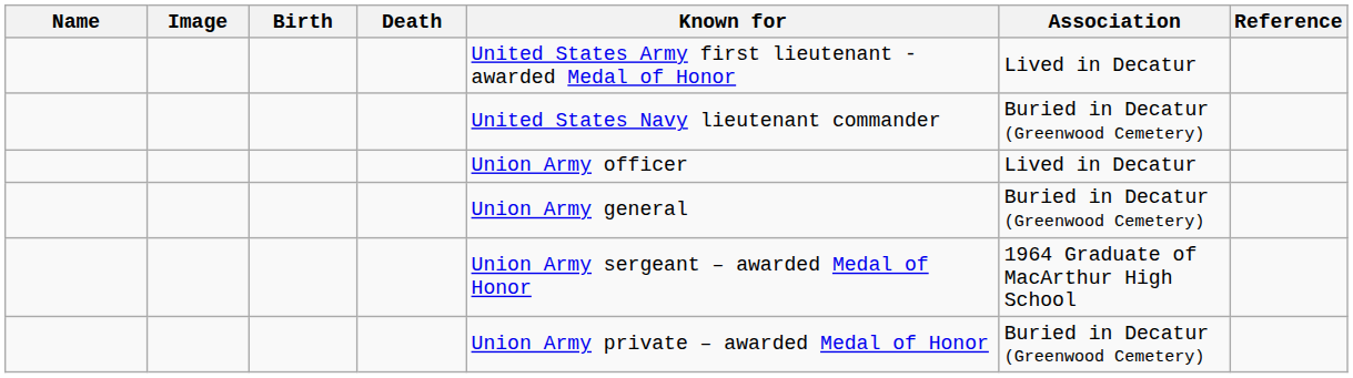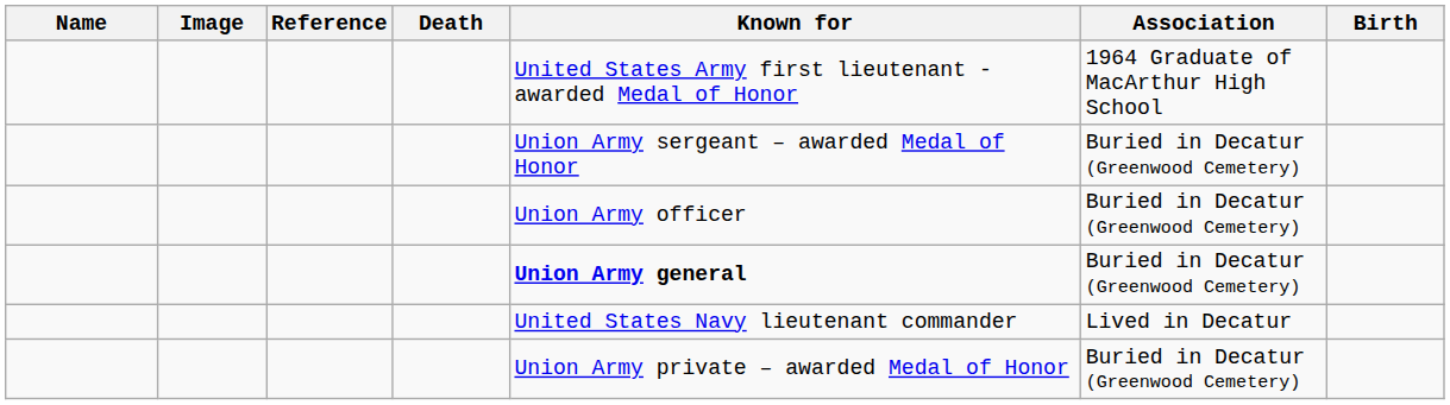 <table class="wikitable sortable">
 <tr>
 <th scope="col" style="width:140px;">Name</th>
 <th scope="col" style="width:80px;" class="unsortable">Image</th>
-<th scope="col" style="width:90px;">Birth</th>
+<th scope="col" style="width:30px;" class="unsortable">Reference</th>
 <th scope="col" style="width:90px;">Death</th>
 <th scope="col" style="width:600px;" class="unsortable">Known for</th>
 <th scope="col" style="width:200px;" class="unsortable">Association</th>
-<th scope="col" style="width:30px;" class="unsortable">Reference</th>
+<th scope="col" style="width:90px;">Birth</th>
 </tr>
 <tr>
 <td></td>
 <td></td>
-<td align=right></td>
+<td style="text-align:center;"></td>
 <td align=right></td>
 <td><a href='#'>United States Army</a> first lieutenant - awarded <a href='#'>Medal of Honor</a></td>
-<td>Lived in Decatur</td>
-<td style="text-align:center;"></td>
+<td>1964 Graduate of MacArthur High School</td>
+<td align=right></td>
 </tr>
 <tr>
 <td></td>
 <td></td>
+<td style="text-align:center;"></td>
 <td align=right></td>
+<td><a href='#'>Union Army</a> sergeant – awarded <a href='#'>Medal of Honor</a></td>
+<td>Buried in Decatur <small>(Greenwood Cemetery)</small></td>
 <td align=right></td>
-<td><a href='#'>United States Navy</a> lieutenant commander</td>
-<td>Buried in Decatur <small>(Greenwood Cemetery)</small></td>
-<td style="text-align:center;"></td>
 </tr>
 <tr>
 <td></td>
 <td></td>
-<td align=right></td>
+<td style="text-align:center;"></td>
 <td align=right></td>
 <td><a href='#'>Union Army</a> officer</td>
-<td>Lived in Decatur</td>
-<td style="text-align:center;"></td>
+<td>Buried in Decatur <small>(Greenwood Cemetery)</small></td>
+<td align=right></td>
 </tr>
 <tr>
 <td></td>
 <td></td>
+<td style="text-align:center;"></td>
 <td align=right></td>
+<td><strong><a href='#'>Union Army</a> general</strong></td>
+<td>Buried in Decatur <small>(Greenwood Cemetery)</small></td>
 <td align=right></td>
-<td><a href='#'>Union Army</a> general</td>
-<td>Buried in Decatur <small>(Greenwood Cemetery)</small></td>
-<td style="text-align:center;"></td>
 </tr>
 <tr>
 <td></td>
 <td></td>
+<td style="text-align:center;"></td>
 <td align=right></td>
+<td><a href='#'>United States Navy</a> lieutenant commander</td>
+<td>Lived in Decatur</td>
 <td align=right></td>
-<td><a href='#'>Union Army</a> sergeant – awarded <a href='#'>Medal of Honor</a></td>
-<td>1964 Graduate of MacArthur High School</td>
-<td style="text-align:center;"></td>
 </tr>
 <tr>
 <td></td>
 <td></td>
-<td align=right></td>
+<td style="text-align:center;"></td>
 <td align=right></td>
 <td><a href='#'>Union Army</a> private – awarded <a href='#'>Medal of Honor</a></td>
 <td>Buried in Decatur <small>(Greenwood Cemetery)</small></td>
-<td style="text-align:center;"></td>
+<td align=right></td>
 </tr>
 </table>
